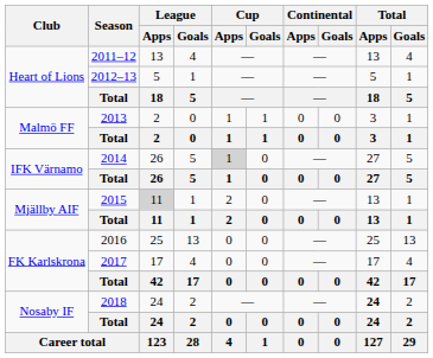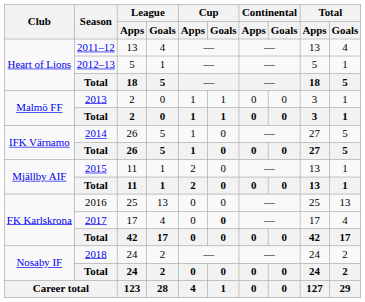 <table class="wikitable" style="text-align:center;">
 <tr>
 <th rowspan="2">Club</th>
 <th rowspan="2">Season</th>
 <th colspan="2">League</th>
 <th colspan="2">Cup</th>
 <th colspan="2">Continental</th>
 <th colspan="2">Total</th>
 </tr>
 <tr>
 <th>Apps</th>
 <th>Goals</th>
 <th>Apps</th>
 <th>Goals</th>
 <th>Apps</th>
 <th>Goals</th>
 <th>Apps</th>
 <th>Goals</th>
 </tr>
 <tr>
 <td rowspan="3"><a href='#'>Heart of Lions</a></td>
 <td><a href='#'>2011–12</a></td>
 <td>13</td>
 <td>4</td>
 <td colspan="2">—</td>
 <td colspan="2">—</td>
 <td>13</td>
 <td>4</td>
 </tr>
 <tr>
 <td><a href='#'>2012–13</a></td>
 <td>5</td>
 <td>1</td>
 <td colspan="2">—</td>
 <td colspan="2">—</td>
 <td>5</td>
 <td>1</td>
 </tr>
 <tr>
 <th>Total</th>
 <th>18</th>
 <th>5</th>
 <th colspan="2">—</th>
 <th colspan="2">—</th>
 <th>18</th>
 <th>5</th>
 </tr>
 <tr>
 <td rowspan="2"><a href='#'>Malmö FF</a></td>
 <td><a href='#'>2013</a></td>
 <td>2</td>
 <td>0</td>
 <td>1</td>
 <td>1</td>
 <td>0</td>
 <td>0</td>
 <td>3</td>
 <td>1</td>
 </tr>
 <tr>
 <th>Total</th>
 <th>2</th>
 <th>0</th>
 <th>1</th>
 <th>1</th>
 <th>0</th>
 <th>0</th>
 <th>3</th>
 <th>1</th>
 </tr>
 <tr>
 <td rowspan="2"><a href='#'>IFK Värnamo</a></td>
 <td><a href='#'>2014</a></td>
 <td>26</td>
 <td>5</td>
-<td style="background: lightgrey;">1</td>
+<td>1</td>
 <td>0</td>
 <td colspan="2">—</td>
 <td>27</td>
 <td>5</td>
 </tr>
 <tr>
 <th>Total</th>
 <th>26</th>
 <th>5</th>
 <th>1</th>
 <th>0</th>
 <th>0</th>
 <th>0</th>
 <th>27</th>
 <th>5</th>
 </tr>
 <tr>
 <td rowspan="2"><a href='#'>Mjällby AIF</a></td>
 <td><a href='#'>2015</a></td>
-<td style="background: lightgrey;">11</td>
+<td>11</td>
 <td>1</td>
 <td>2</td>
 <td>0</td>
 <td colspan="2">—</td>
 <td>13</td>
 <td>1</td>
 </tr>
 <tr>
 <th>Total</th>
 <th>11</th>
 <th>1</th>
 <th>2</th>
 <th>0</th>
 <th>0</th>
 <th>0</th>
 <th>13</th>
 <th>1</th>
 </tr>
 <tr>
 <td rowspan="3"><a href='#'>FK Karlskrona</a></td>
 <td>2016</td>
 <td>25</td>
 <td>13</td>
 <td>0</td>
 <td>0</td>
 <td colspan="2">—</td>
 <td>25</td>
 <td>13</td>
 </tr>
 <tr>
 <td><a href='#'>2017</a></td>
 <td>17</td>
 <td>4</td>
 <td>0</td>
-<td>0</td>
+<td><strong>0</strong></td>
 <td colspan="2">—</td>
 <td>17</td>
 <td>4</td>
 </tr>
 <tr>
 <th>Total</th>
 <th>42</th>
 <th>17</th>
 <th>0</th>
 <th>0</th>
 <th>0</th>
 <th>0</th>
 <th>42</th>
 <th>17</th>
 </tr>
 <tr>
 <td rowspan="2"><a href='#'>Nosaby IF</a></td>
 <td><a href='#'>2018</a></td>
 <td>24</td>
 <td>2</td>
 <td colspan="2">—</td>
 <td colspan="2">—</td>
-<td><strong>24</strong></td>
+<td>24</td>
 <td>2</td>
 </tr>
 <tr>
 <th>Total</th>
 <th>24</th>
 <th>2</th>
 <th>0</th>
 <th>0</th>
 <th>0</th>
 <th>0</th>
 <th>24</th>
 <th>2</th>
 </tr>
 <tr>
 <th colspan="2">Career total</th>
 <th>123</th>
 <th>28</th>
 <th>4</th>
 <th>1</th>
 <th>0</th>
 <th>0</th>
 <th>127</th>
 <th>29</th>
 </tr>
 </table>
